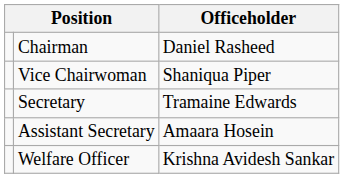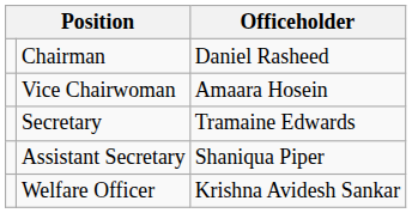 <table class="wikitable sortable" style="text-align: left">
 <tr>
 <th colspan="2">Position</th>
 <th>Officeholder</th>
 </tr>
 <tr>
 <td width="1"></td>
 <td>Chairman</td>
 <td>Daniel Rasheed</td>
 </tr>
 <tr>
 <td width="1"></td>
 <td>Vice Chairwoman</td>
-<td>Shaniqua Piper</td>
+<td>Amaara Hosein</td>
 </tr>
 <tr>
 <td width="1"></td>
 <td>Secretary</td>
 <td>Tramaine Edwards</td>
 </tr>
 <tr>
 <td width="1"></td>
 <td>Assistant Secretary</td>
-<td>Amaara Hosein</td>
+<td>Shaniqua Piper</td>
 </tr>
 <tr>
 <td width="1"></td>
 <td>Welfare Officer</td>
 <td>Krishna Avidesh Sankar</td>
 </tr>
 </table>
